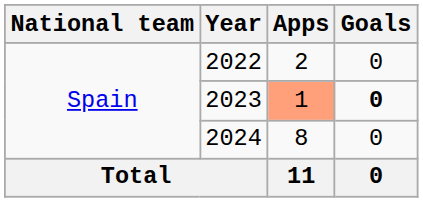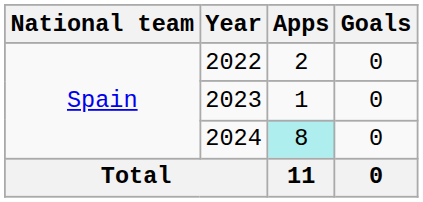 <table class="wikitable" style="text-align: center;">
 <tr>
 <th>National team</th>
 <th>Year</th>
 <th>Apps</th>
 <th>Goals</th>
 </tr>
 <tr>
 <td rowspan="3"><a href='#'>Spain</a></td>
 <td>2022</td>
 <td>2</td>
 <td>0</td>
 </tr>
 <tr>
 <td>2023</td>
-<td style="background: lightsalmon;">1</td>
-<td><strong>0</strong></td>
+<td>1</td>
+<td>0</td>
 </tr>
 <tr>
 <td>2024</td>
-<td>8</td>
+<td style="background: paleturquoise;">8</td>
 <td>0</td>
 </tr>
 <tr>
 <th colspan="2">Total</th>
 <th>11</th>
 <th>0</th>
 </tr>
 </table>
